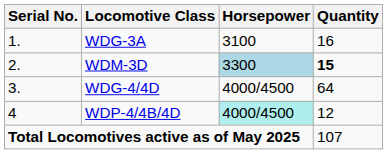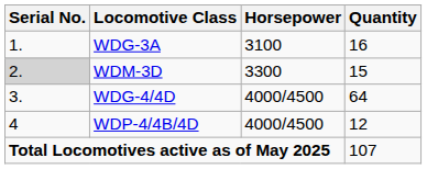 <table class="wikitable">
 <tr>
 <th>Serial No.</th>
 <th>Locomotive Class</th>
 <th>Horsepower</th>
 <th>Quantity</th>
 </tr>
 <tr>
 <td>1.</td>
 <td><a href='#'>WDG-3A</a></td>
 <td>3100</td>
 <td>16</td>
 </tr>
 <tr>
-<td>2.</td>
+<td style="background: lightgrey;">2.</td>
 <td><a href='#'>WDM-3D</a></td>
-<td style="background: lightblue;">3300</td>
-<td><strong>15</strong></td>
+<td>3300</td>
+<td>15</td>
 </tr>
 <tr>
 <td>3.</td>
 <td><a href='#'>WDG-4/4D</a></td>
 <td>4000/4500</td>
 <td>64</td>
 </tr>
 <tr>
 <td>4</td>
 <td><a href='#'>WDP-4/4B/4D</a></td>
-<td style="background: paleturquoise;">4000/4500</td>
+<td>4000/4500</td>
 <td>12</td>
 </tr>
 <tr>
 <td colspan="3"><strong>Total Locomotives active as of May 2025</strong></td>
 <td>107</td>
 </tr>
 </table>
